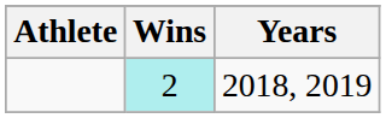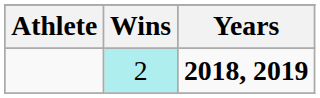 <table class="wikitable">
 <tr>
 </tr>
 <tr>
 <th>Athlete</th>
 <th>Wins</th>
 <th>Years</th>
 </tr>
 <tr>
 <td></td>
 <td align=center style="background: paleturquoise;">2</td>
-<td>2018, 2019</td>
+<td><strong>2018, 2019</strong></td>
 </tr>
 </table>
